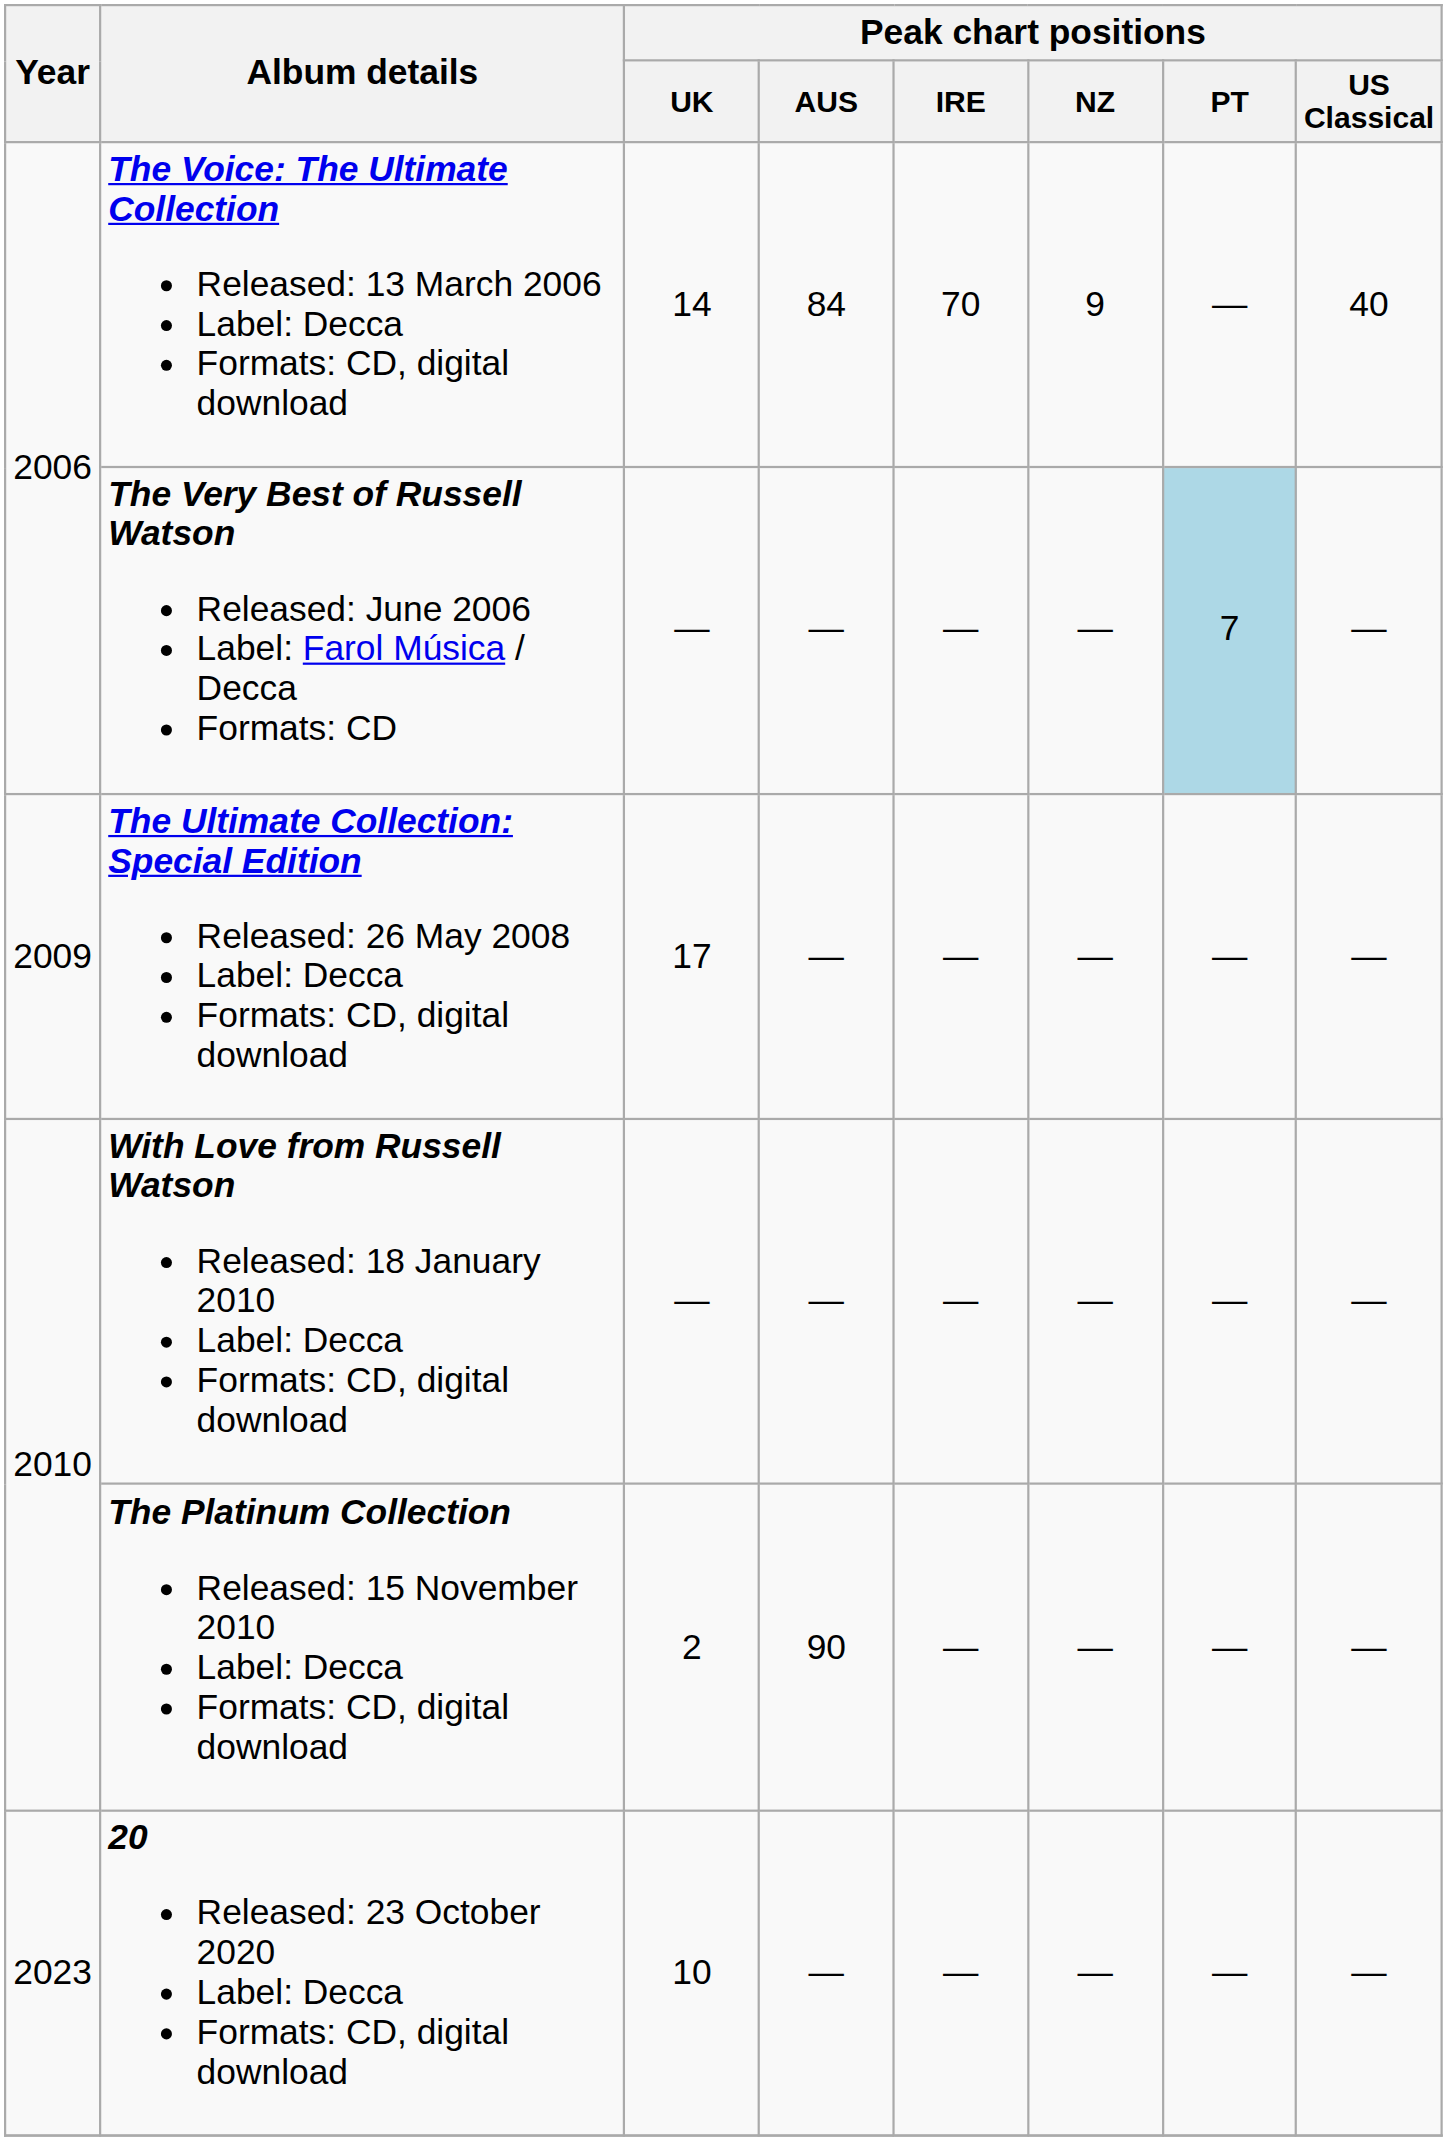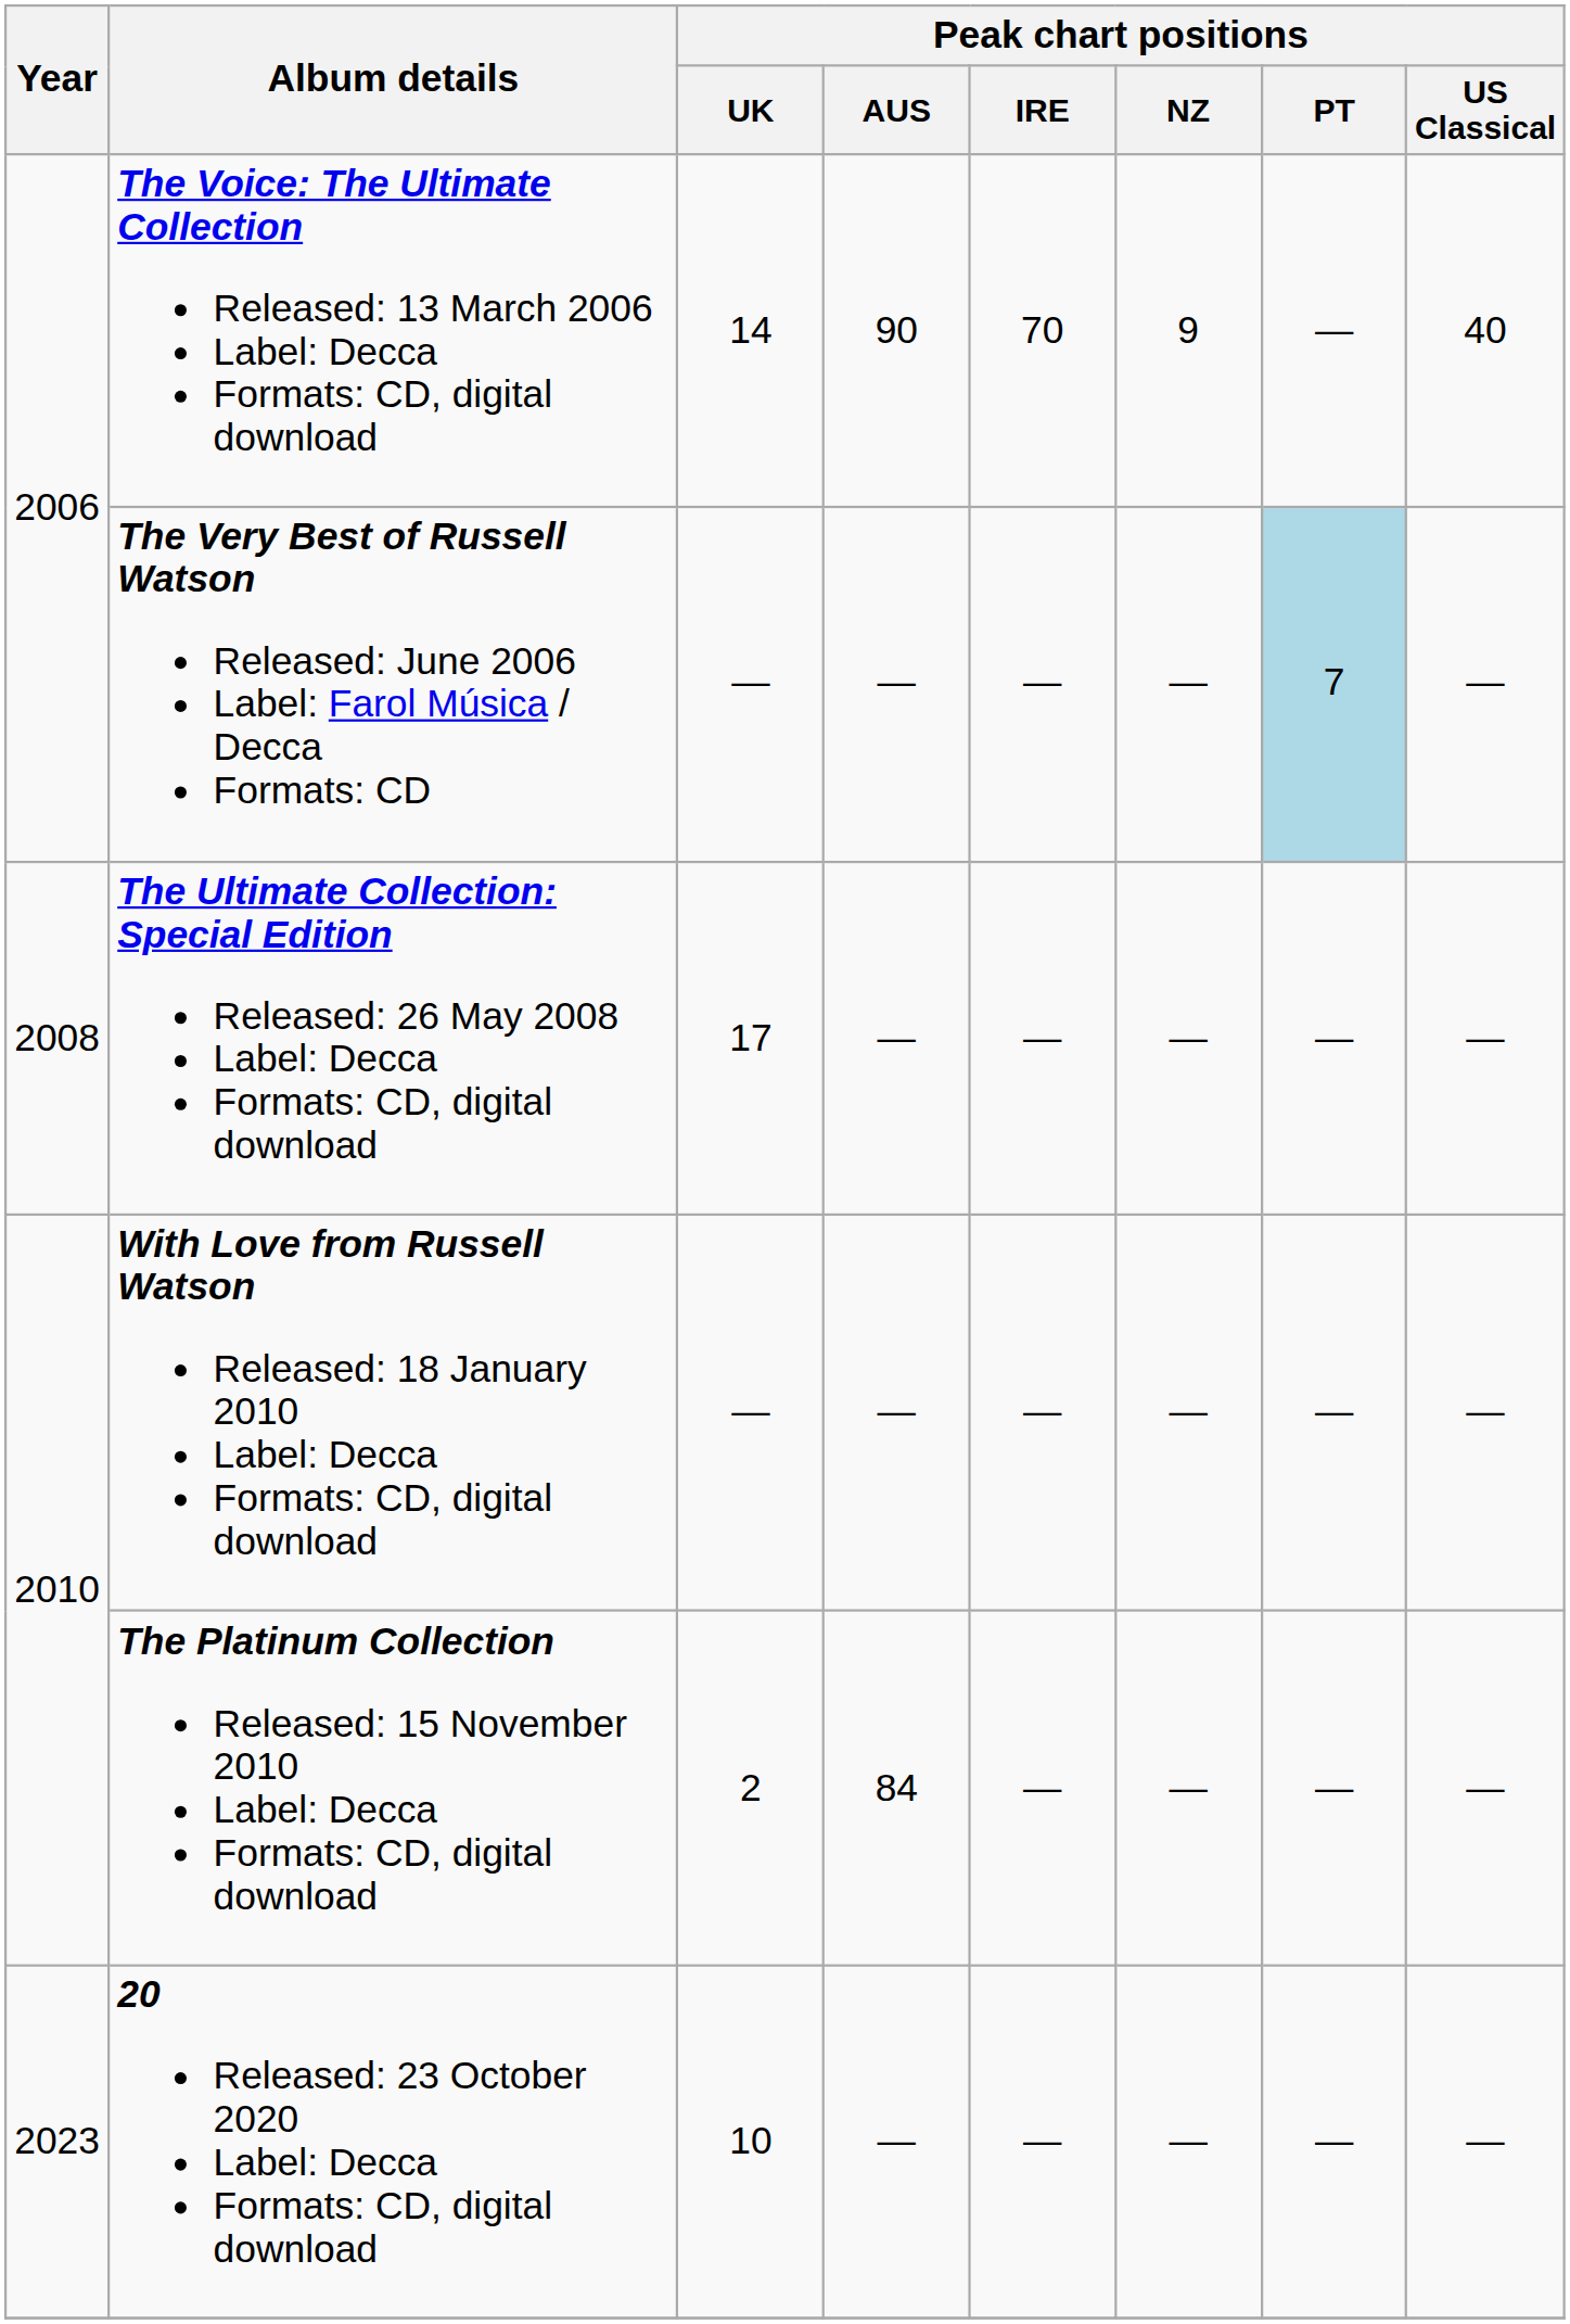 <table class="wikitable" style="text-align:center;">
 <tr>
 <th rowspan="2">Year</th>
 <th rowspan="2" width="230">Album details</th>
 <th colspan="6">Peak chart positions</th>
 </tr>
 <tr>
 <th style="width:4em;font-size:85%;">UK<br></th>
 <th style="width:4em;font-size:85%">AUS<br></th>
 <th style="width:4em;font-size:85%;">IRE<br></th>
 <th style="width:4em;font-size:85%;">NZ<br></th>
 <th style="width:4em;font-size:85%;">PT<br></th>
 <th style="width:4em;font-size:85%;">US Classical<br></th>
 </tr>
 <tr>
 <td rowspan="2">2006</td>
 <td align="left"><strong><em><a href='#'>The Voice: The Ultimate Collection</a></em></strong><br><ul><li>Released: 13 March 2006</li><li>Label: Decca</li><li>Formats: CD, digital download</li></ul></td>
 <td>14</td>
-<td>84</td>
+<td>90</td>
 <td>70</td>
 <td>9</td>
 <td>—</td>
 <td>40</td>
 </tr>
 <tr>
 <td align="left"><strong><em>The Very Best of Russell Watson</em></strong><br><ul><li>Released: June 2006</li><li>Label: <a href='#'>Farol Música</a> / Decca</li><li>Formats: CD</li></ul></td>
 <td>—</td>
 <td>—</td>
 <td>—</td>
 <td>—</td>
 <td style="background: lightblue;">7</td>
 <td>—</td>
 </tr>
 <tr>
-<td>2009</td>
+<td>2008</td>
 <td align="left"><strong><em><a href='#'>The Ultimate Collection: Special Edition</a></em></strong><br><ul><li>Released: 26 May 2008</li><li>Label: Decca</li><li>Formats: CD, digital download</li></ul></td>
 <td>17</td>
 <td>—</td>
 <td>—</td>
 <td>—</td>
 <td>—</td>
 <td>—</td>
 </tr>
 <tr>
 <td rowspan="2">2010</td>
 <td align="left"><strong><em>With Love from Russell Watson</em></strong><br><ul><li>Released: 18 January 2010</li><li>Label: Decca</li><li>Formats: CD, digital download</li></ul></td>
 <td>—</td>
 <td>—</td>
 <td>—</td>
 <td>—</td>
 <td>—</td>
 <td>—</td>
 </tr>
 <tr>
 <td align="left"><strong><em>The Platinum Collection</em></strong><br><ul><li>Released: 15 November 2010</li><li>Label: Decca</li><li>Formats: CD, digital download</li></ul></td>
 <td>2</td>
-<td>90</td>
+<td>84</td>
 <td>—</td>
 <td>—</td>
 <td>—</td>
 <td>—</td>
 </tr>
 <tr>
 <td>2023</td>
 <td align="left"><strong><em>20</em></strong><br><ul><li>Released: 23 October 2020</li><li>Label: Decca</li><li>Formats: CD, digital download</li></ul></td>
 <td>10</td>
 <td>—</td>
 <td>—</td>
 <td>—</td>
 <td>—</td>
 <td>—</td>
 </tr>
 <tr>
 </tr>
 </table>
